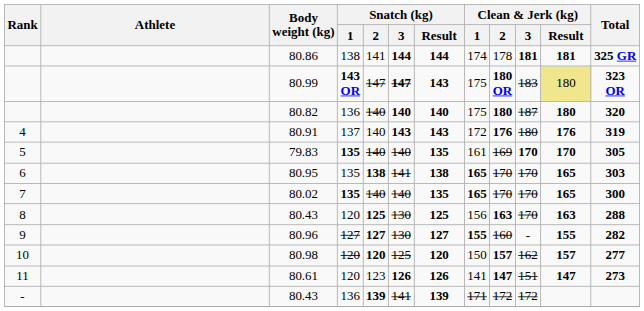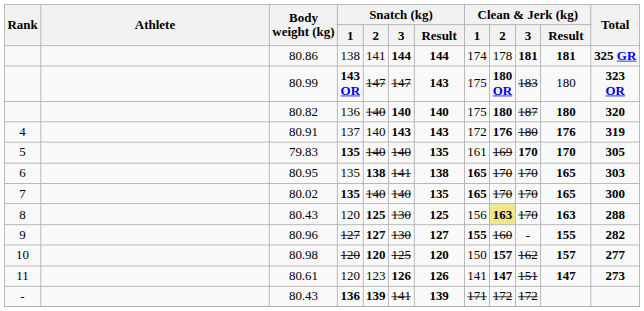 <table class="wikitable sortable" style="text-align:center;">
 <tr>
 <th rowspan="2">Rank</th>
 <th rowspan="2" width="275">Athlete</th>
 <th rowspan="2">Body<br>weight (kg)</th>
 <th colspan="4">Snatch (kg)</th>
 <th colspan="4">Clean & Jerk (kg)</th>
 <th rowspan="2">Total</th>
 </tr>
 <tr>
 <th class="unsortable">1</th>
 <th class="unsortable">2</th>
 <th class="unsortable">3</th>
 <th width="55">Result</th>
 <th class="unsortable">1</th>
 <th class="unsortable">2</th>
 <th class="unsortable">3</th>
 <th width="55">Result</th>
 </tr>
 <tr>
 <td></td>
 <td align="left"></td>
 <td>80.86</td>
 <td>138</td>
 <td>141</td>
 <td><strong>144</strong></td>
 <td><strong>144</strong></td>
 <td>174</td>
 <td>178</td>
 <td><strong>181</strong></td>
 <td><strong>181</strong></td>
 <td><strong>325 <a href='#'>GR</a></strong></td>
 </tr>
 <tr>
 <td></td>
 <td align="left"></td>
 <td>80.99</td>
 <td><strong>143</strong><br><strong><a href='#'>OR</a></strong></td>
 <td><s>147</s></td>
-<td><strong><s>147</s></strong></td>
+<td><s>147</s></td>
 <td><strong>143</strong></td>
 <td>175</td>
 <td><strong>180</strong><br><strong><a href='#'>OR</a></strong></td>
 <td><s>183</s></td>
-<td style="background: khaki;">180</td>
+<td>180</td>
 <td><strong>323</strong><br><strong><a href='#'>OR</a></strong></td>
 </tr>
 <tr>
 <td></td>
 <td align="left"></td>
 <td>80.82</td>
 <td>136</td>
 <td><s>140</s></td>
 <td><strong>140</strong></td>
 <td><strong>140</strong></td>
 <td>175</td>
 <td><strong>180</strong></td>
 <td><s>187</s></td>
 <td><strong>180</strong></td>
 <td><strong>320</strong></td>
 </tr>
 <tr>
 <td>4</td>
 <td align="left"></td>
 <td>80.91</td>
 <td>137</td>
 <td>140</td>
 <td><strong>143</strong></td>
 <td><strong>143</strong></td>
 <td>172</td>
 <td><strong>176</strong></td>
 <td><s>180</s></td>
 <td><strong>176</strong></td>
 <td><strong>319</strong></td>
 </tr>
 <tr>
 <td>5</td>
 <td align="left"></td>
 <td>79.83</td>
 <td><strong>135</strong></td>
 <td><s>140</s></td>
 <td><s>140</s></td>
 <td><strong>135</strong></td>
 <td>161</td>
 <td><s>169</s></td>
 <td><strong>170</strong></td>
 <td><strong>170</strong></td>
 <td><strong>305</strong></td>
 </tr>
 <tr>
 <td>6</td>
 <td align="left"></td>
 <td>80.95</td>
 <td>135</td>
 <td><strong>138</strong></td>
 <td><s>141</s></td>
 <td><strong>138</strong></td>
 <td><strong>165</strong></td>
 <td><s>170</s></td>
 <td><s>170</s></td>
 <td><strong>165</strong></td>
 <td><strong>303</strong></td>
 </tr>
 <tr>
 <td>7</td>
 <td align="left"></td>
 <td>80.02</td>
 <td><strong>135</strong></td>
 <td><s>140</s></td>
 <td><s>140</s></td>
 <td><strong>135</strong></td>
 <td><strong>165</strong></td>
 <td><s>170</s></td>
 <td><s>170</s></td>
 <td><strong>165</strong></td>
 <td><strong>300</strong></td>
 </tr>
 <tr>
 <td>8</td>
 <td align="left"></td>
 <td>80.43</td>
 <td>120</td>
 <td><strong>125</strong></td>
 <td><s>130</s></td>
 <td><strong>125</strong></td>
 <td>156</td>
-<td><strong>163</strong></td>
+<td style="background: khaki;"><strong>163</strong></td>
 <td><s>170</s></td>
 <td><strong>163</strong></td>
 <td><strong>288</strong></td>
 </tr>
 <tr>
 <td>9</td>
 <td align="left"></td>
 <td>80.96</td>
 <td><s>127</s></td>
 <td><strong>127</strong></td>
 <td><s>130</s></td>
 <td><strong>127</strong></td>
 <td><strong>155</strong></td>
 <td><s>160</s></td>
 <td>-</td>
 <td><strong>155</strong></td>
 <td><strong>282</strong></td>
 </tr>
 <tr>
 <td>10</td>
 <td align="left"></td>
 <td>80.98</td>
 <td><s>120</s></td>
 <td><strong>120</strong></td>
 <td><s>125</s></td>
 <td><strong>120</strong></td>
 <td>150</td>
 <td><strong>157</strong></td>
 <td><s>162</s></td>
 <td><strong>157</strong></td>
 <td><strong>277</strong></td>
 </tr>
 <tr>
 <td>11</td>
 <td align="left"></td>
 <td>80.61</td>
 <td>120</td>
 <td>123</td>
 <td><strong>126</strong></td>
 <td><strong>126</strong></td>
 <td>141</td>
 <td><strong>147</strong></td>
 <td><s>151</s></td>
 <td><strong>147</strong></td>
 <td><strong>273</strong></td>
 </tr>
 <tr>
 <td>-</td>
 <td align="left"></td>
 <td>80.43</td>
-<td>136</td>
+<td><strong>136</strong></td>
 <td><strong>139</strong></td>
 <td><s>141</s></td>
 <td><strong>139</strong></td>
 <td><s>171</s></td>
 <td><s>172</s></td>
 <td><s>172</s></td>
 <td><strong></strong></td>
 <td><strong></strong></td>
 </tr>
 <tr>
 </tr>
 </table>
